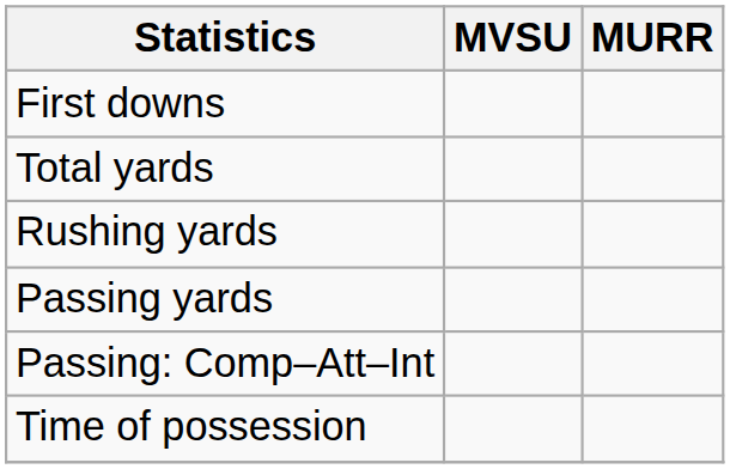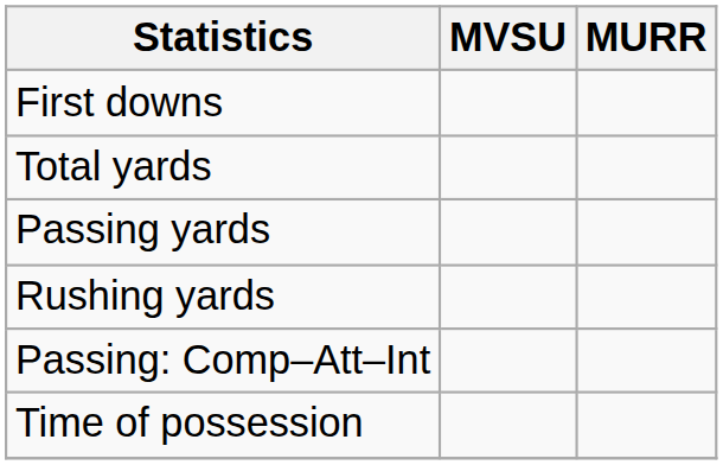 <table class="wikitable" style="float: left;">
 <tr>
 <th>Statistics</th>
 <th>MVSU</th>
 <th>MURR</th>
 </tr>
 <tr>
 <td>First downs</td>
 <td></td>
 <td></td>
 </tr>
 <tr>
 <td>Total yards</td>
 <td></td>
 <td></td>
 </tr>
 <tr>
-<td>Rushing yards</td>
+<td>Passing yards</td>
 <td></td>
 <td></td>
 </tr>
 <tr>
-<td>Passing yards</td>
+<td>Rushing yards</td>
 <td></td>
 <td></td>
 </tr>
 <tr>
 <td>Passing: Comp–Att–Int</td>
 <td></td>
 <td></td>
 </tr>
 <tr>
 <td>Time of possession</td>
 <td></td>
 <td></td>
 </tr>
 <tr>
 </tr>
 </table>
